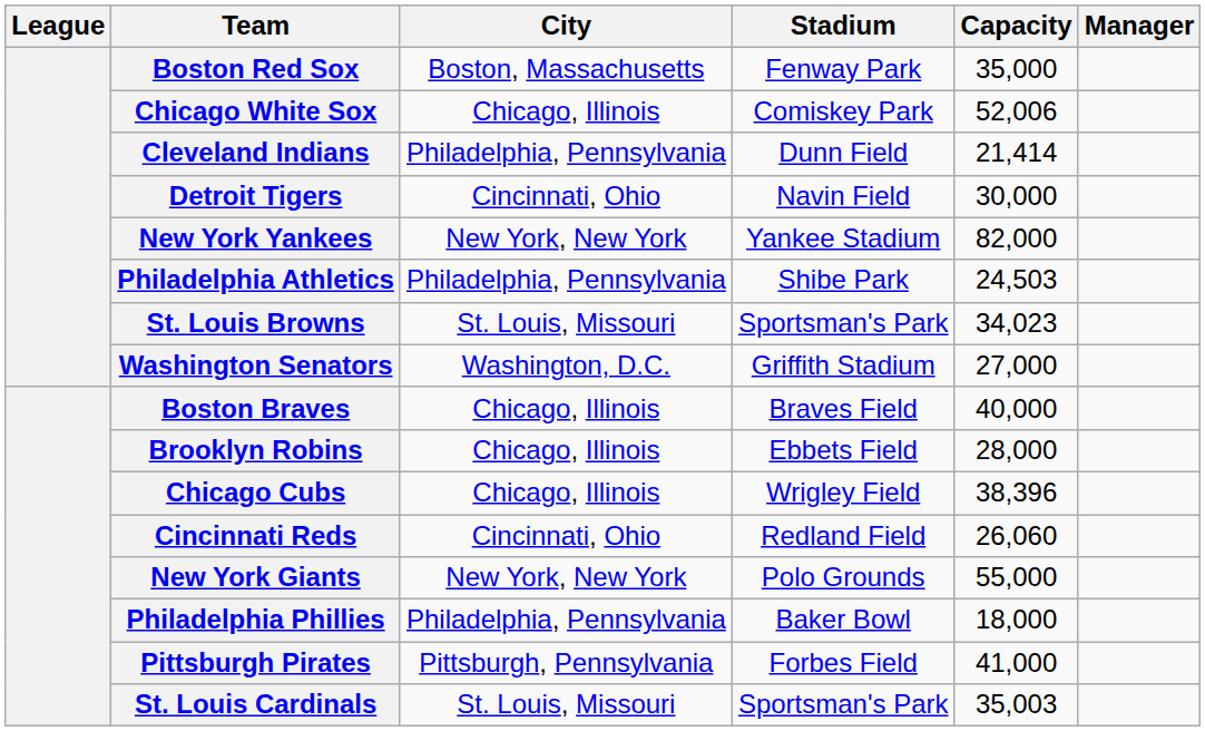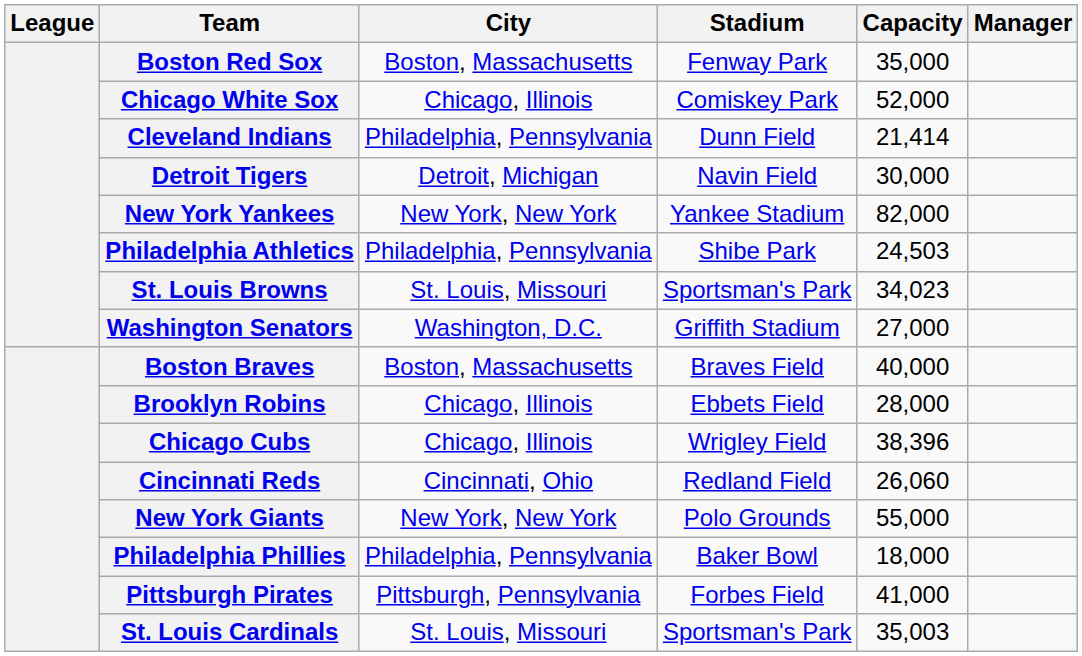 <table class="wikitable sortable plainrowheaders" style="text-align:center;">
 <tr>
 <th scope="col">League</th>
 <th scope="col">Team</th>
 <th scope="col">City</th>
 <th scope="col">Stadium</th>
 <th scope="col">Capacity</th>
 <th scope="col">Manager</th>
 </tr>
 <tr>
 <th rowspan="8"></th>
 <th scope="row"><a href='#'>Boston Red Sox</a></th>
 <td><a href='#'>Boston</a>, <a href='#'>Massachusetts</a></td>
 <td><a href='#'>Fenway Park</a></td>
 <td>35,000</td>
 <td></td>
 </tr>
 <tr>
 <th scope="row"><a href='#'>Chicago White Sox</a></th>
 <td><a href='#'>Chicago</a>, <a href='#'>Illinois</a></td>
 <td><a href='#'>Comiskey Park</a></td>
-<td>52,006</td>
+<td>52,000</td>
 <td></td>
 </tr>
 <tr>
 <th scope="row"><a href='#'>Cleveland Indians</a></th>
 <td><a href='#'>Philadelphia</a>, <a href='#'>Pennsylvania</a></td>
 <td><a href='#'>Dunn Field</a></td>
 <td>21,414</td>
 <td></td>
 </tr>
 <tr>
 <th scope="row"><a href='#'>Detroit Tigers</a></th>
-<td><a href='#'>Cincinnati</a>, <a href='#'>Ohio</a></td>
+<td><a href='#'>Detroit</a>, <a href='#'>Michigan</a></td>
 <td><a href='#'>Navin Field</a></td>
 <td>30,000</td>
 <td></td>
 </tr>
 <tr>
 <th scope="row"><a href='#'>New York Yankees</a></th>
 <td><a href='#'>New York</a>, <a href='#'>New York</a></td>
 <td><a href='#'>Yankee Stadium</a></td>
 <td>82,000</td>
 <td></td>
 </tr>
 <tr>
 <th scope="row"><a href='#'>Philadelphia Athletics</a></th>
 <td><a href='#'>Philadelphia</a>, <a href='#'>Pennsylvania</a></td>
 <td><a href='#'>Shibe Park</a></td>
 <td>24,503</td>
 <td></td>
 </tr>
 <tr>
 <th scope="row"><a href='#'>St. Louis Browns</a></th>
 <td><a href='#'>St. Louis</a>, <a href='#'>Missouri</a></td>
 <td><a href='#'>Sportsman's Park</a></td>
 <td>34,023</td>
 <td></td>
 </tr>
 <tr>
 <th scope="row"><a href='#'>Washington Senators</a></th>
 <td><a href='#'>Washington, D.C.</a></td>
 <td><a href='#'>Griffith Stadium</a></td>
 <td>27,000</td>
 <td></td>
 </tr>
 <tr>
 <th rowspan="8"></th>
 <th scope="row"><a href='#'>Boston Braves</a></th>
-<td><a href='#'>Chicago</a>, <a href='#'>Illinois</a></td>
+<td><a href='#'>Boston</a>, <a href='#'>Massachusetts</a></td>
 <td><a href='#'>Braves Field</a></td>
 <td>40,000</td>
 <td></td>
 </tr>
 <tr>
 <th scope="row"><a href='#'>Brooklyn Robins</a></th>
 <td><a href='#'>Chicago</a>, <a href='#'>Illinois</a></td>
 <td><a href='#'>Ebbets Field</a></td>
 <td>28,000</td>
 <td></td>
 </tr>
 <tr>
 <th scope="row"><a href='#'>Chicago Cubs</a></th>
 <td><a href='#'>Chicago</a>, <a href='#'>Illinois</a></td>
 <td><a href='#'>Wrigley Field</a></td>
 <td>38,396</td>
 <td></td>
 </tr>
 <tr>
 <th scope="row"><a href='#'>Cincinnati Reds</a></th>
 <td><a href='#'>Cincinnati</a>, <a href='#'>Ohio</a></td>
 <td><a href='#'>Redland Field</a></td>
 <td>26,060</td>
 <td></td>
 </tr>
 <tr>
 <th scope="row"><a href='#'>New York Giants</a></th>
 <td><a href='#'>New York</a>, <a href='#'>New York</a></td>
 <td><a href='#'>Polo Grounds</a></td>
 <td>55,000</td>
 <td></td>
 </tr>
 <tr>
 <th scope="row"><a href='#'>Philadelphia Phillies</a></th>
 <td><a href='#'>Philadelphia</a>, <a href='#'>Pennsylvania</a></td>
 <td><a href='#'>Baker Bowl</a></td>
 <td>18,000</td>
 <td></td>
 </tr>
 <tr>
 <th scope="row"><a href='#'>Pittsburgh Pirates</a></th>
 <td><a href='#'>Pittsburgh</a>, <a href='#'>Pennsylvania</a></td>
 <td><a href='#'>Forbes Field</a></td>
 <td>41,000</td>
 <td></td>
 </tr>
 <tr>
 <th scope="row"><a href='#'>St. Louis Cardinals</a></th>
 <td><a href='#'>St. Louis</a>, <a href='#'>Missouri</a></td>
 <td><a href='#'>Sportsman's Park</a></td>
 <td>35,003</td>
 <td></td>
 </tr>
 </table>
